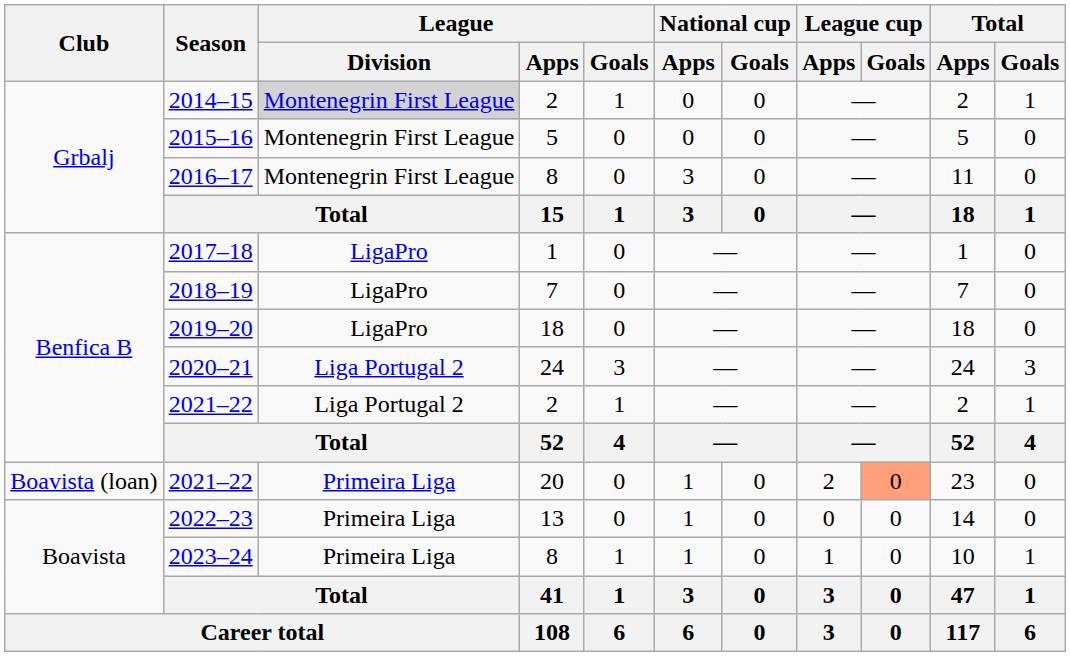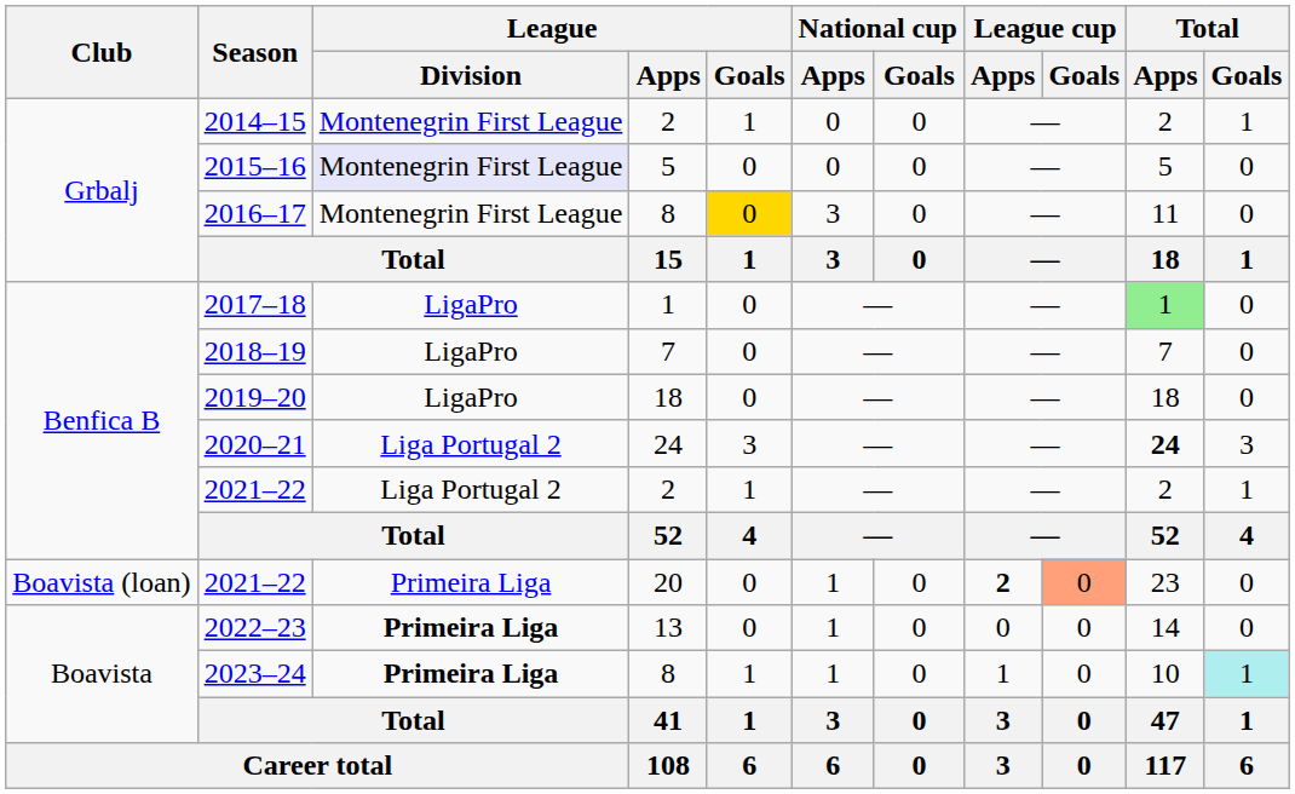 <table class="wikitable" style="text-align:center">
 <tr>
 <th rowspan="2">Club</th>
 <th rowspan="2">Season</th>
 <th colspan="3">League</th>
 <th colspan="2">National cup</th>
 <th colspan="2">League cup</th>
 <th colspan="2">Total</th>
 </tr>
 <tr>
 <th>Division</th>
 <th>Apps</th>
 <th>Goals</th>
 <th>Apps</th>
 <th>Goals</th>
 <th>Apps</th>
 <th>Goals</th>
 <th>Apps</th>
 <th>Goals</th>
 </tr>
 <tr>
 <td rowspan="4"><a href='#'>Grbalj</a></td>
 <td><a href='#'>2014–15</a></td>
-<td style="background: lightgrey;"><a href='#'>Montenegrin First League</a></td>
+<td><a href='#'>Montenegrin First League</a></td>
 <td>2</td>
 <td>1</td>
 <td>0</td>
 <td>0</td>
 <td colspan="2">—</td>
 <td>2</td>
 <td>1</td>
 </tr>
 <tr>
 <td><a href='#'>2015–16</a></td>
-<td>Montenegrin First League</td>
+<td style="background: lavender;">Montenegrin First League</td>
 <td>5</td>
 <td>0</td>
 <td>0</td>
 <td>0</td>
 <td colspan="2">—</td>
 <td>5</td>
 <td>0</td>
 </tr>
 <tr>
 <td><a href='#'>2016–17</a></td>
 <td>Montenegrin First League</td>
 <td>8</td>
-<td>0</td>
+<td style="background: gold;">0</td>
 <td>3</td>
 <td>0</td>
 <td colspan="2">—</td>
 <td>11</td>
 <td>0</td>
 </tr>
 <tr>
 <th colspan="2">Total</th>
 <th>15</th>
 <th>1</th>
 <th>3</th>
 <th>0</th>
 <th colspan="2">—</th>
 <th>18</th>
 <th>1</th>
 </tr>
 <tr>
 <td rowspan="6"><a href='#'>Benfica B</a></td>
 <td><a href='#'>2017–18</a></td>
 <td><a href='#'>LigaPro</a></td>
 <td>1</td>
 <td>0</td>
 <td colspan=2>—</td>
 <td colspan="2">—</td>
-<td>1</td>
+<td style="background: lightgreen;">1</td>
 <td>0</td>
 </tr>
 <tr>
 <td><a href='#'>2018–19</a></td>
 <td>LigaPro</td>
 <td>7</td>
 <td>0</td>
 <td colspan=2>—</td>
 <td colspan="2">—</td>
 <td>7</td>
 <td>0</td>
 </tr>
 <tr>
 <td><a href='#'>2019–20</a></td>
 <td>LigaPro</td>
 <td>18</td>
 <td>0</td>
 <td colspan="2">—</td>
 <td colspan="2">—</td>
 <td>18</td>
 <td>0</td>
 </tr>
 <tr>
 <td><a href='#'>2020–21</a></td>
 <td><a href='#'>Liga Portugal 2</a></td>
 <td>24</td>
 <td>3</td>
 <td colspan="2">—</td>
 <td colspan="2">—</td>
-<td>24</td>
+<td><strong>24</strong></td>
 <td>3</td>
 </tr>
 <tr>
 <td><a href='#'>2021–22</a></td>
 <td>Liga Portugal 2</td>
 <td>2</td>
 <td>1</td>
 <td colspan="2">—</td>
 <td colspan="2">—</td>
 <td>2</td>
 <td>1</td>
 </tr>
 <tr>
 <th colspan="2">Total</th>
 <th>52</th>
 <th>4</th>
 <th colspan="2">—</th>
 <th colspan="2">—</th>
 <th>52</th>
 <th>4</th>
 </tr>
 <tr>
 <td><a href='#'>Boavista</a> (loan)</td>
 <td><a href='#'>2021–22</a></td>
 <td><a href='#'>Primeira Liga</a></td>
 <td>20</td>
 <td>0</td>
 <td>1</td>
 <td>0</td>
-<td>2</td>
+<td><strong>2</strong></td>
 <td style="background: lightsalmon;">0</td>
 <td>23</td>
 <td>0</td>
 </tr>
 <tr>
 <td rowspan="3">Boavista</td>
 <td><a href='#'>2022–23</a></td>
-<td>Primeira Liga</td>
+<td><strong>Primeira Liga</strong></td>
 <td>13</td>
 <td>0</td>
 <td>1</td>
 <td>0</td>
 <td>0</td>
 <td>0</td>
 <td>14</td>
 <td>0</td>
 </tr>
 <tr>
 <td><a href='#'>2023–24</a></td>
-<td>Primeira Liga</td>
+<td><strong>Primeira Liga</strong></td>
 <td>8</td>
 <td>1</td>
 <td>1</td>
 <td>0</td>
 <td>1</td>
 <td>0</td>
 <td>10</td>
-<td>1</td>
+<td style="background: paleturquoise;">1</td>
 </tr>
 <tr>
 <th colspan="2">Total</th>
 <th>41</th>
 <th>1</th>
 <th>3</th>
 <th>0</th>
 <th>3</th>
 <th>0</th>
 <th>47</th>
 <th>1</th>
 </tr>
 <tr>
 <th colspan="3">Career total</th>
 <th>108</th>
 <th>6</th>
 <th>6</th>
 <th>0</th>
 <th>3</th>
 <th>0</th>
 <th>117</th>
 <th>6</th>
 </tr>
 </table>
